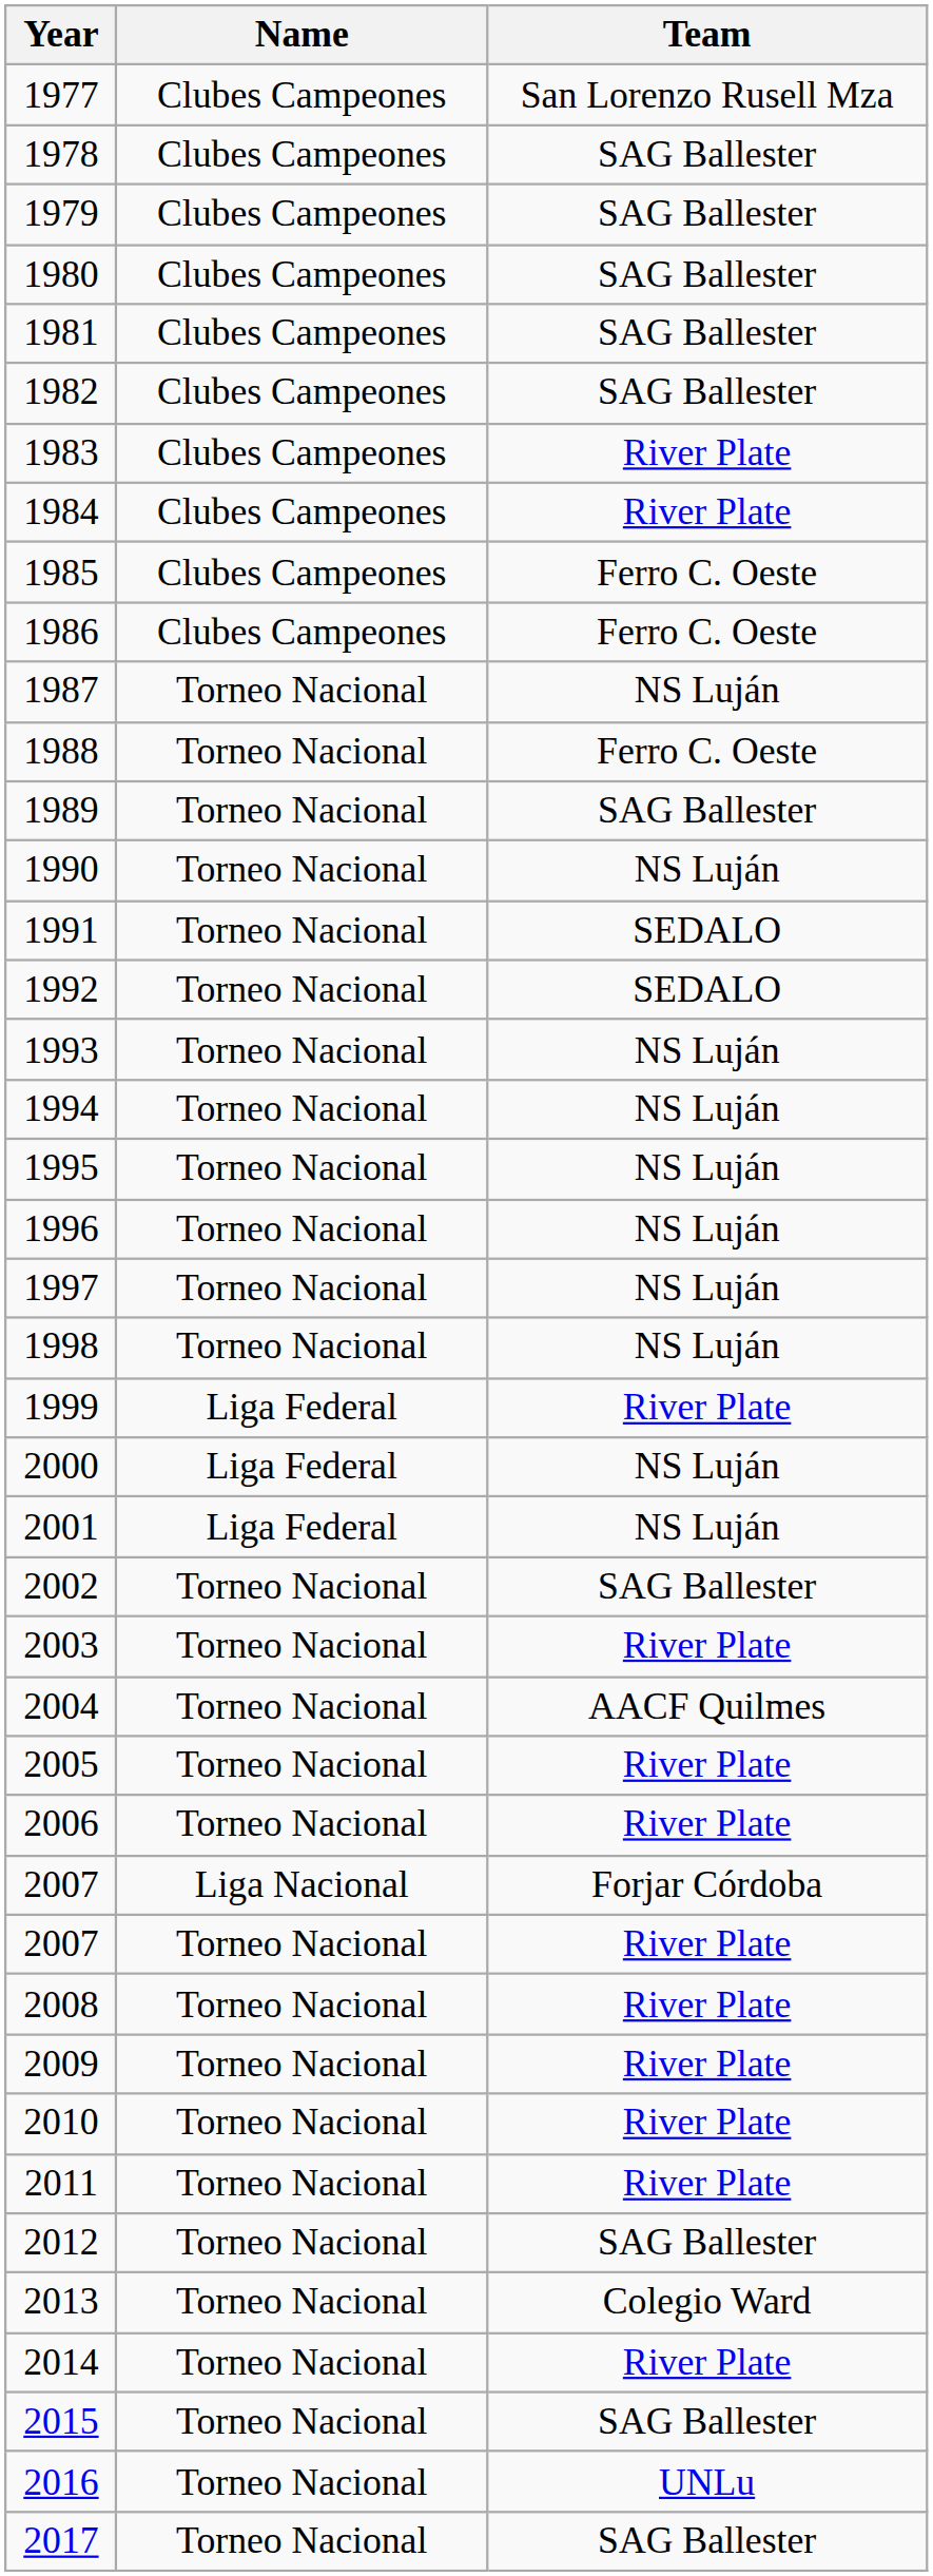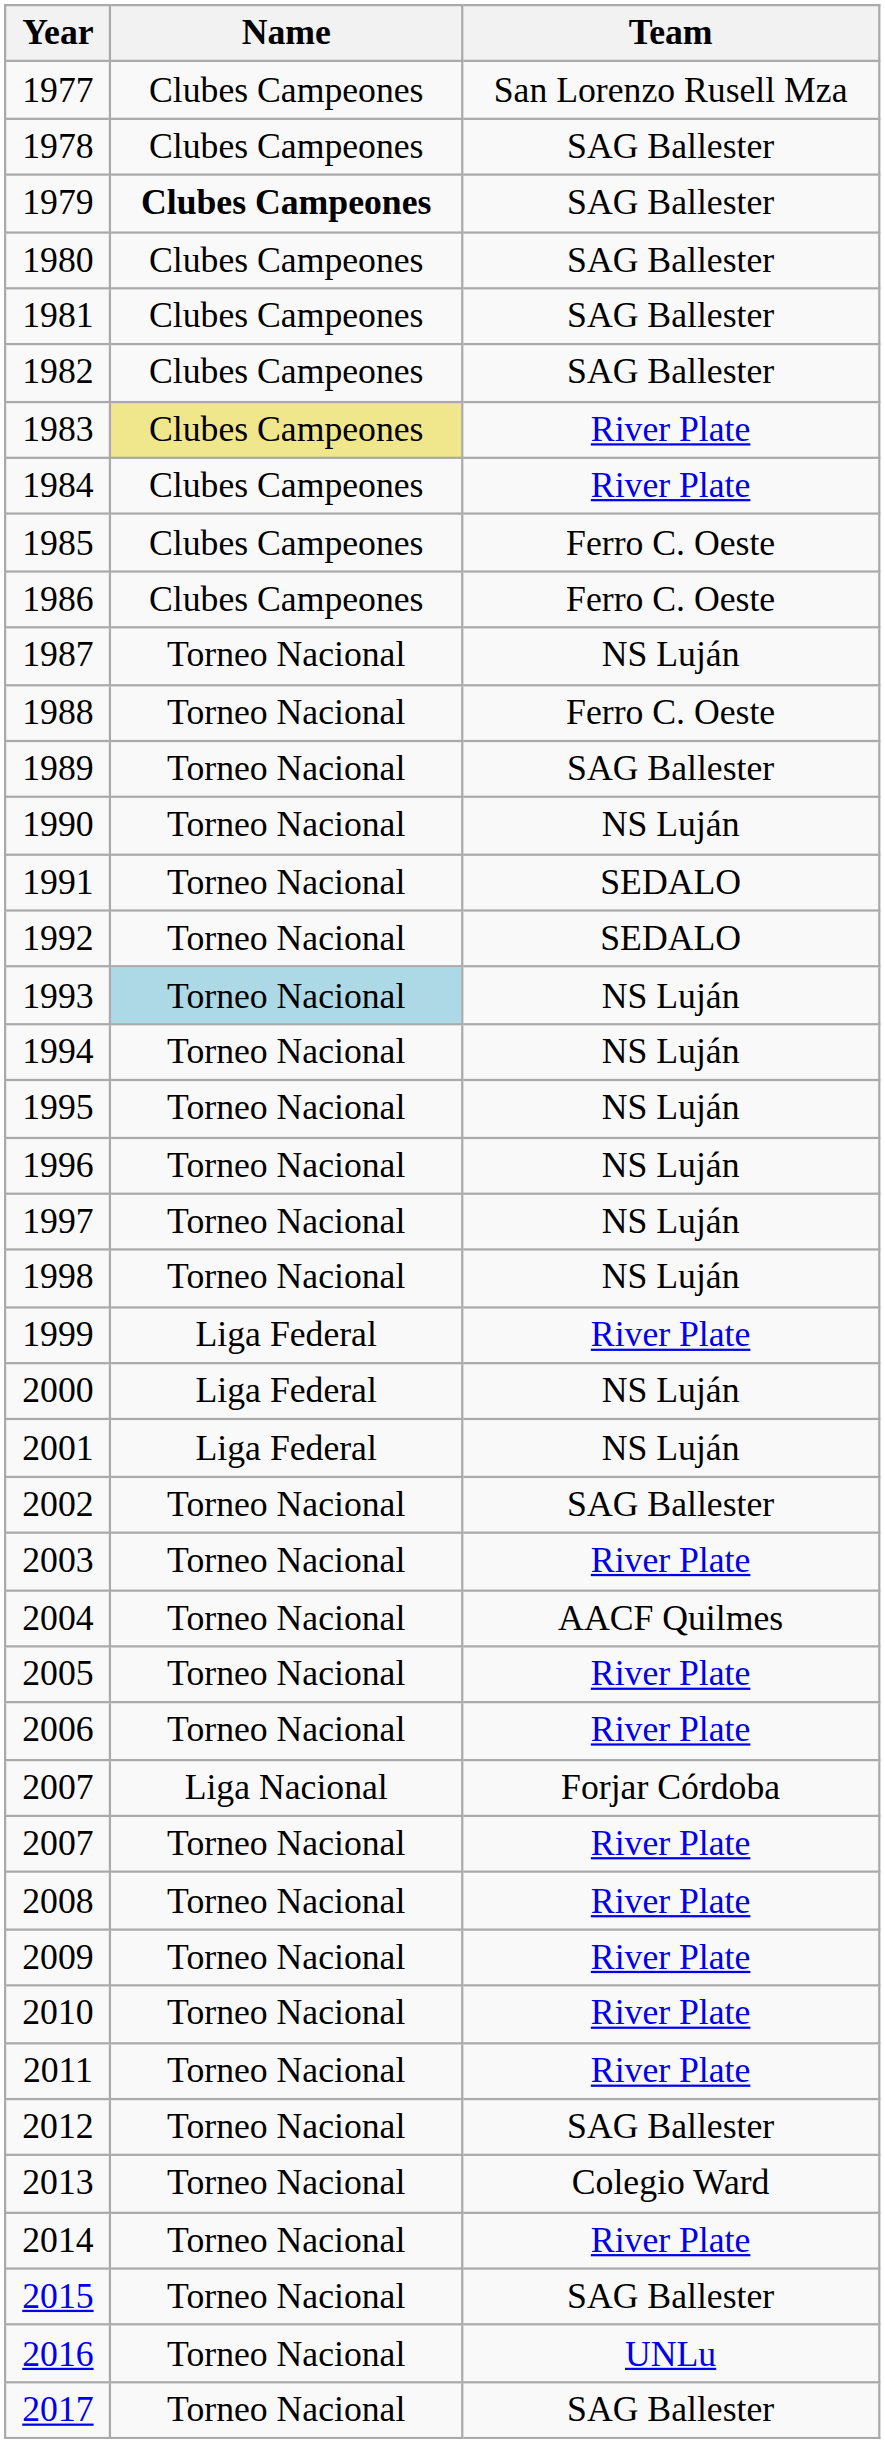 <table class="wikitable" style="text-align: center;">
 <tr>
 <th width="40">Year</th>
 <th width="150">Name</th>
 <th width="180">Team</th>
 </tr>
 <tr>
 <td>1977</td>
 <td>Clubes Campeones</td>
 <td>San Lorenzo Rusell Mza</td>
 </tr>
 <tr>
 <td>1978</td>
 <td>Clubes Campeones</td>
 <td>SAG Ballester</td>
 </tr>
 <tr>
 <td>1979</td>
-<td>Clubes Campeones</td>
+<td><strong>Clubes Campeones</strong></td>
 <td>SAG Ballester</td>
 </tr>
 <tr>
 <td>1980</td>
 <td>Clubes Campeones</td>
 <td>SAG Ballester</td>
 </tr>
 <tr>
 <td>1981</td>
 <td>Clubes Campeones</td>
 <td>SAG Ballester</td>
 </tr>
 <tr>
 <td>1982</td>
 <td>Clubes Campeones</td>
 <td>SAG Ballester</td>
 </tr>
 <tr>
 <td>1983</td>
-<td>Clubes Campeones</td>
+<td style="background: khaki;">Clubes Campeones</td>
 <td><a href='#'>River Plate</a></td>
 </tr>
 <tr>
 <td>1984</td>
 <td>Clubes Campeones</td>
 <td><a href='#'>River Plate</a></td>
 </tr>
 <tr>
 <td>1985</td>
 <td>Clubes Campeones</td>
 <td>Ferro C. Oeste</td>
 </tr>
 <tr>
 <td>1986</td>
 <td>Clubes Campeones</td>
 <td>Ferro C. Oeste</td>
 </tr>
 <tr>
 <td>1987</td>
 <td>Torneo Nacional</td>
 <td>NS Luján</td>
 </tr>
 <tr>
 <td>1988</td>
 <td>Torneo Nacional</td>
 <td>Ferro C. Oeste</td>
 </tr>
 <tr>
 <td>1989</td>
 <td>Torneo Nacional</td>
 <td>SAG Ballester</td>
 </tr>
 <tr>
 <td>1990</td>
 <td>Torneo Nacional</td>
 <td>NS Luján</td>
 </tr>
 <tr>
 <td>1991</td>
 <td>Torneo Nacional</td>
 <td>SEDALO</td>
 </tr>
 <tr>
 <td>1992</td>
 <td>Torneo Nacional</td>
 <td>SEDALO</td>
 </tr>
 <tr>
 <td>1993</td>
-<td>Torneo Nacional</td>
+<td style="background: lightblue;">Torneo Nacional</td>
 <td>NS Luján</td>
 </tr>
 <tr>
 <td>1994</td>
 <td>Torneo Nacional</td>
 <td>NS Luján</td>
 </tr>
 <tr>
 <td>1995</td>
 <td>Torneo Nacional</td>
 <td>NS Luján</td>
 </tr>
 <tr>
 <td>1996</td>
 <td>Torneo Nacional</td>
 <td>NS Luján</td>
 </tr>
 <tr>
 <td>1997</td>
 <td>Torneo Nacional</td>
 <td>NS Luján</td>
 </tr>
 <tr>
 <td>1998</td>
 <td>Torneo Nacional</td>
 <td>NS Luján</td>
 </tr>
 <tr>
 <td>1999</td>
 <td>Liga Federal</td>
 <td><a href='#'>River Plate</a></td>
 </tr>
 <tr>
 <td>2000</td>
 <td>Liga Federal</td>
 <td>NS Luján</td>
 </tr>
 <tr>
 <td>2001</td>
 <td>Liga Federal</td>
 <td>NS Luján</td>
 </tr>
 <tr>
 <td>2002</td>
 <td>Torneo Nacional</td>
 <td>SAG Ballester</td>
 </tr>
 <tr>
 <td>2003</td>
 <td>Torneo Nacional</td>
 <td><a href='#'>River Plate</a></td>
 </tr>
 <tr>
 <td>2004</td>
 <td>Torneo Nacional</td>
 <td>AACF Quilmes</td>
 </tr>
 <tr>
 <td>2005</td>
 <td>Torneo Nacional</td>
 <td><a href='#'>River Plate</a></td>
 </tr>
 <tr>
 <td>2006</td>
 <td>Torneo Nacional</td>
 <td><a href='#'>River Plate</a></td>
 </tr>
 <tr>
 <td>2007</td>
 <td>Liga Nacional</td>
 <td>Forjar Córdoba</td>
 </tr>
 <tr>
 <td>2007</td>
 <td>Torneo Nacional</td>
 <td><a href='#'>River Plate</a></td>
 </tr>
 <tr>
 <td>2008</td>
 <td>Torneo Nacional</td>
 <td><a href='#'>River Plate</a></td>
 </tr>
 <tr>
 <td>2009</td>
 <td>Torneo Nacional</td>
 <td><a href='#'>River Plate</a></td>
 </tr>
 <tr>
 <td>2010</td>
 <td>Torneo Nacional</td>
 <td><a href='#'>River Plate</a></td>
 </tr>
 <tr>
 <td>2011</td>
 <td>Torneo Nacional</td>
 <td><a href='#'>River Plate</a></td>
 </tr>
 <tr>
 <td>2012</td>
 <td>Torneo Nacional</td>
 <td>SAG Ballester</td>
 </tr>
 <tr>
 <td>2013</td>
 <td>Torneo Nacional</td>
 <td>Colegio Ward</td>
 </tr>
 <tr>
 <td>2014</td>
 <td>Torneo Nacional</td>
 <td><a href='#'>River Plate</a></td>
 </tr>
 <tr>
 <td><a href='#'>2015</a></td>
 <td>Torneo Nacional</td>
 <td>SAG Ballester</td>
 </tr>
 <tr>
 <td><a href='#'>2016</a></td>
 <td>Torneo Nacional</td>
 <td><a href='#'>UNLu</a></td>
 </tr>
 <tr>
 <td><a href='#'>2017</a></td>
 <td>Torneo Nacional</td>
 <td>SAG Ballester</td>
 </tr>
 </table>
